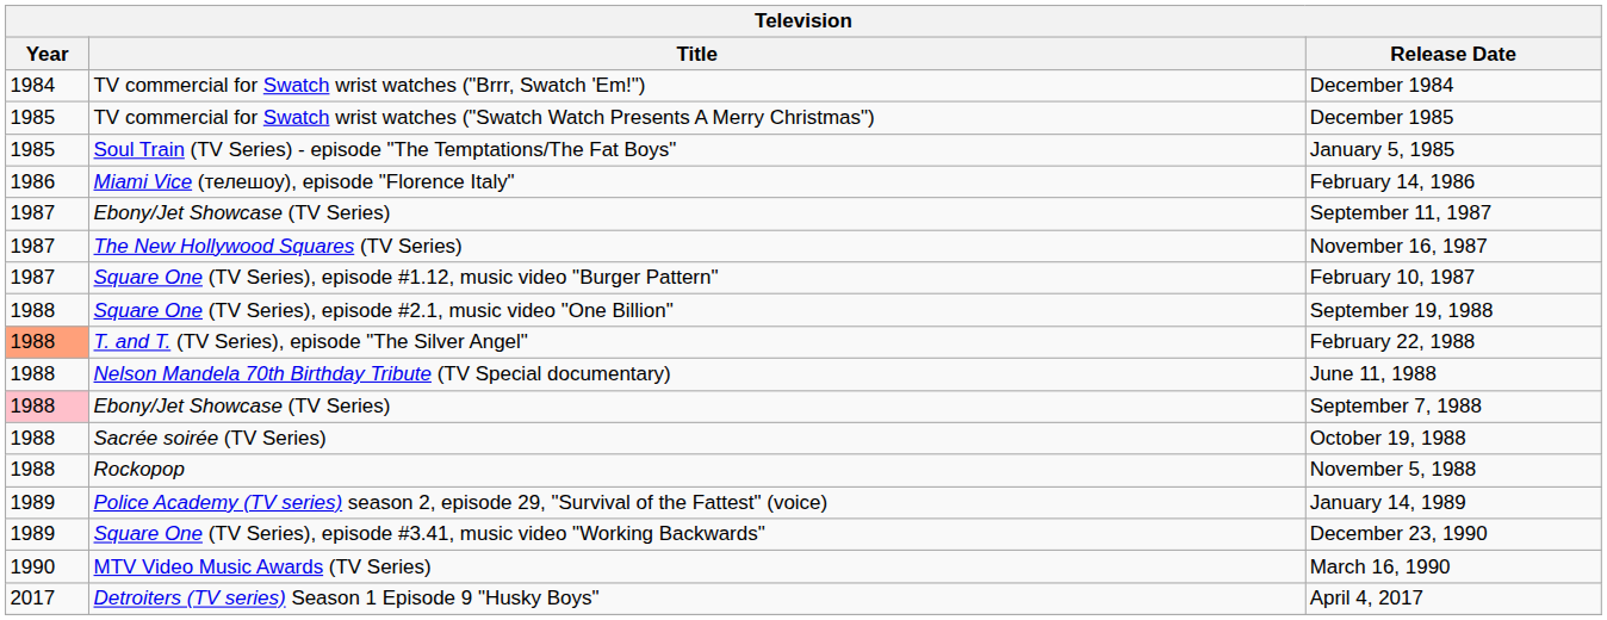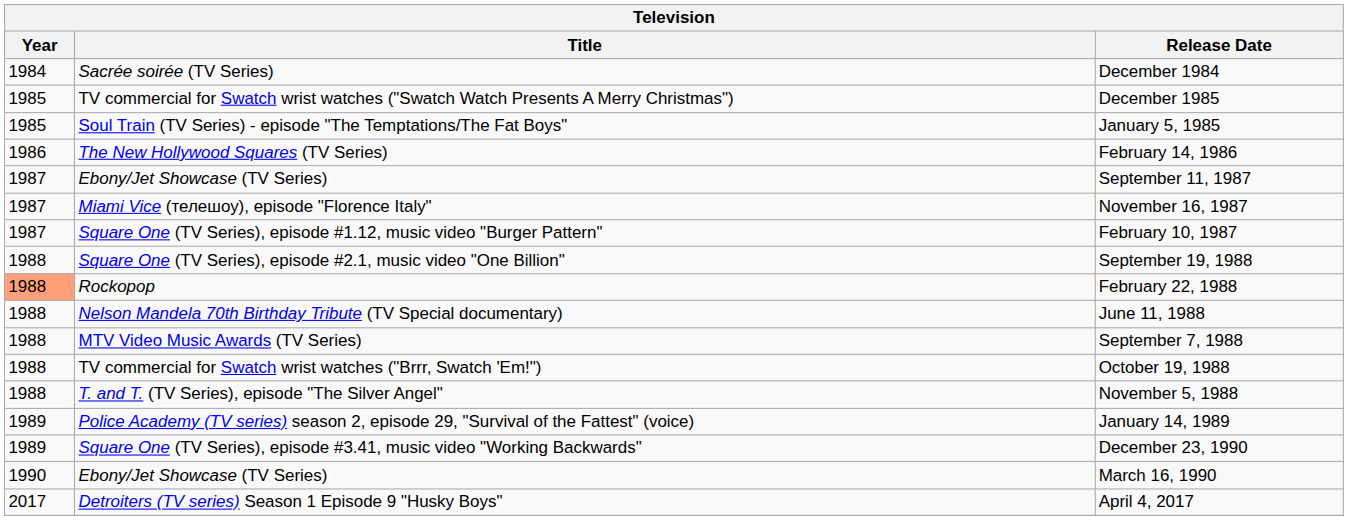 <table class="wikitable mw-datatable sortable collapsible collapsed" style="font-size:100%; width:100%;">
 <tr>
 <th colspan="4">Television</th>
 </tr>
 <tr>
 <th>Year</th>
 <th>Title</th>
 <th>Release Date</th>
 </tr>
 <tr>
 <td>1984</td>
-<td>TV commercial for <a href='#'>Swatch</a> wrist watches ("Brrr, Swatch 'Em!")</td>
+<td><em>Sacrée soirée</em> (TV Series)</td>
 <td>December 1984</td>
 </tr>
 <tr>
 <td>1985</td>
 <td>TV commercial for <a href='#'>Swatch</a> wrist watches ("Swatch Watch Presents A Merry Christmas")</td>
 <td>December 1985</td>
 </tr>
 <tr>
 <td>1985</td>
 <td><a href='#'>Soul Train</a> (TV Series) - episode "The Temptations/The Fat Boys"</td>
 <td>January 5, 1985</td>
 </tr>
 <tr>
 <td>1986</td>
-<td><em><a href='#'>Miami Vice</a></em> (телешоу), episode "Florence Italy"</td>
+<td><em><a href='#'>The New Hollywood Squares</a></em> (TV Series)</td>
 <td>February 14, 1986</td>
 </tr>
 <tr>
 <td>1987</td>
 <td><em>Ebony/Jet Showcase</em> (TV Series)</td>
 <td>September 11, 1987</td>
 </tr>
 <tr>
 <td>1987</td>
-<td><em><a href='#'>The New Hollywood Squares</a></em> (TV Series)</td>
+<td><em><a href='#'>Miami Vice</a></em> (телешоу), episode "Florence Italy"</td>
 <td>November 16, 1987</td>
 </tr>
 <tr>
 <td>1987</td>
 <td><em><a href='#'>Square One</a></em> (TV Series), episode #1.12, music video "Burger Pattern"</td>
 <td>February 10, 1987</td>
 </tr>
 <tr>
 <td>1988</td>
 <td><em><a href='#'>Square One</a></em> (TV Series), episode #2.1, music video "One Billion"</td>
 <td>September 19, 1988</td>
 </tr>
 <tr>
 <td style="background: lightsalmon;">1988</td>
-<td><em><a href='#'>T. and T.</a></em> (TV Series), episode "The Silver Angel"</td>
+<td><em>Rockopop</em></td>
 <td>February 22, 1988</td>
 </tr>
 <tr>
 <td>1988</td>
 <td><em><a href='#'>Nelson Mandela 70th Birthday Tribute</a></em> (TV Special documentary)</td>
 <td>June 11, 1988</td>
 </tr>
 <tr>
-<td style="background: pink;">1988</td>
-<td><em>Ebony/Jet Showcase</em> (TV Series)</td>
+<td>1988</td>
+<td><a href='#'>MTV Video Music Awards</a> (TV Series)</td>
 <td>September 7, 1988</td>
 </tr>
 <tr>
 <td>1988</td>
-<td><em>Sacrée soirée</em> (TV Series)</td>
+<td>TV commercial for <a href='#'>Swatch</a> wrist watches ("Brrr, Swatch 'Em!")</td>
 <td>October 19, 1988</td>
 </tr>
 <tr>
 <td>1988</td>
-<td><em>Rockopop</em></td>
+<td><em><a href='#'>T. and T.</a></em> (TV Series), episode "The Silver Angel"</td>
 <td>November 5, 1988</td>
 </tr>
 <tr>
 <td>1989</td>
 <td><em><a href='#'>Police Academy (TV series)</a></em> season 2, episode 29, "Survival of the Fattest" (voice)</td>
 <td>January 14, 1989</td>
 </tr>
 <tr>
 <td>1989</td>
 <td><em><a href='#'>Square One</a></em> (TV Series), episode #3.41, music video "Working Backwards"</td>
 <td>December 23, 1990</td>
 </tr>
 <tr>
 <td>1990</td>
-<td><a href='#'>MTV Video Music Awards</a> (TV Series)</td>
+<td><em>Ebony/Jet Showcase</em> (TV Series)</td>
 <td>March 16, 1990</td>
 </tr>
 <tr>
 <td>2017</td>
 <td><em><a href='#'>Detroiters (TV series)</a></em> Season 1 Episode 9 "Husky Boys"</td>
 <td>April 4, 2017</td>
 </tr>
 <tr>
 </tr>
 </table>
